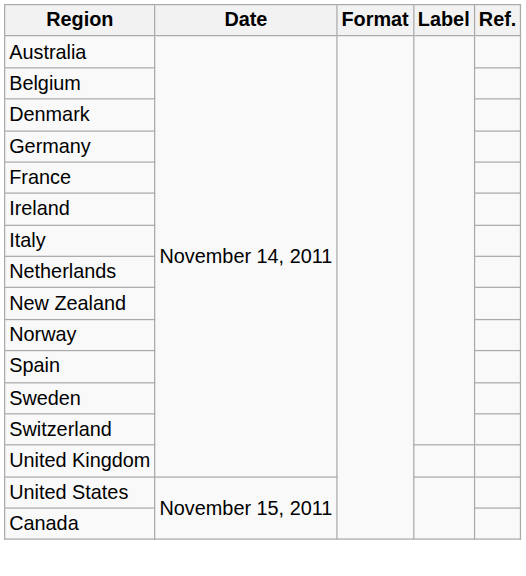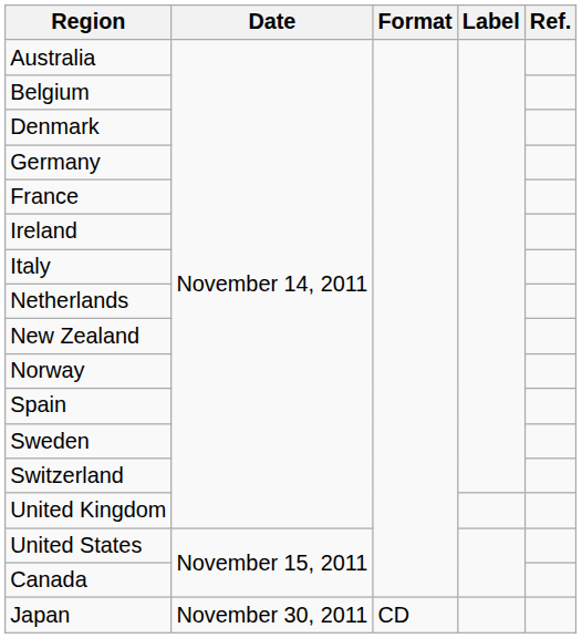 <table class="wikitable">
 <tr>
 <th>Region</th>
 <th>Date</th>
 <th>Format</th>
 <th>Label</th>
 <th>Ref.</th>
 </tr>
 <tr>
 <td>Australia</td>
 <td rowspan="14">November 14, 2011</td>
 <td rowspan="16"></td>
 <td rowspan="13"></td>
 <td></td>
 </tr>
 <tr>
 <td>Belgium</td>
 <td></td>
 </tr>
 <tr>
 <td>Denmark</td>
 <td></td>
 </tr>
 <tr>
 <td>Germany</td>
 <td></td>
 </tr>
 <tr>
 <td>France</td>
 <td></td>
 </tr>
 <tr>
 <td>Ireland</td>
 <td></td>
 </tr>
 <tr>
 <td>Italy</td>
 <td></td>
 </tr>
 <tr>
 <td>Netherlands</td>
 <td></td>
 </tr>
 <tr>
 <td>New Zealand</td>
 <td></td>
 </tr>
 <tr>
 <td>Norway</td>
 <td></td>
 </tr>
 <tr>
 <td>Spain</td>
 <td></td>
 </tr>
 <tr>
 <td>Sweden</td>
 <td></td>
 </tr>
 <tr>
 <td>Switzerland</td>
 <td></td>
 </tr>
 <tr>
 <td>United Kingdom</td>
 <td></td>
 <td></td>
 </tr>
 <tr>
 <td>United States</td>
 <td rowspan="2">November 15, 2011</td>
 <td rowspan="2"></td>
 <td></td>
 </tr>
 <tr>
 <td>Canada</td>
 <td></td>
 </tr>
+<tr>
+<td>Japan</td>
+<td>November 30, 2011</td>
+<td>CD</td>
+<td></td>
+<td></td>
+</tr>
 </table>
